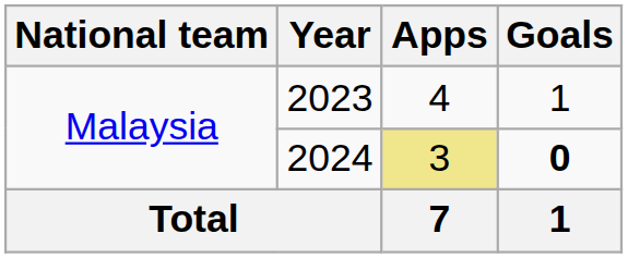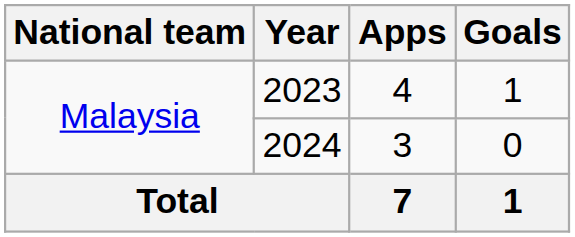 <table class=wikitable style="text-align:center;">
 <tr>
 <th>National team</th>
 <th>Year</th>
 <th>Apps</th>
 <th>Goals</th>
 </tr>
 <tr>
 <td valign="center" rowspan="2"><a href='#'>Malaysia</a></td>
 <td>2023</td>
 <td>4</td>
 <td>1</td>
 </tr>
 <tr>
 <td>2024</td>
-<td style="background: khaki;">3</td>
-<td><strong>0</strong></td>
+<td>3</td>
+<td>0</td>
 </tr>
 <tr>
 <th colspan=2>Total</th>
 <th>7</th>
 <th>1</th>
 </tr>
 </table>
